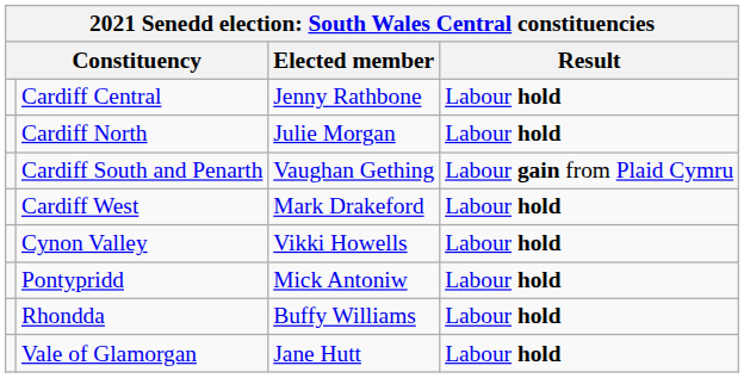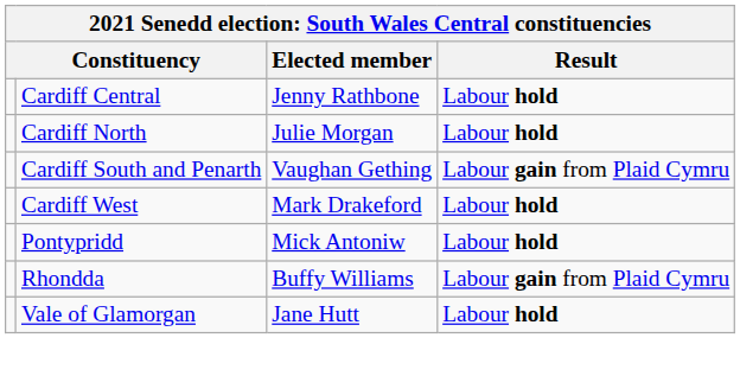 <table class="wikitable">
 <tr>
 <th colspan="4">2021 Senedd election: <a href='#'>South Wales Central</a> constituencies</th>
 </tr>
 <tr>
 <th colspan="2">Constituency</th>
 <th>Elected member</th>
 <th>Result</th>
 </tr>
 <tr>
 <td style="background-color: "></td>
 <td><a href='#'>Cardiff Central</a></td>
 <td><a href='#'>Jenny Rathbone</a></td>
 <td><a href='#'>Labour</a> <strong>hold</strong></td>
 </tr>
 <tr>
 <td style="background-color: "></td>
 <td><a href='#'>Cardiff North</a></td>
 <td><a href='#'>Julie Morgan</a></td>
 <td><a href='#'>Labour</a> <strong>hold</strong></td>
 </tr>
 <tr>
 <td style="background-color: "></td>
 <td><a href='#'>Cardiff South and Penarth</a></td>
 <td><a href='#'>Vaughan Gething</a></td>
 <td><a href='#'>Labour</a> <strong>gain</strong> from <a href='#'>Plaid Cymru</a></td>
 </tr>
 <tr>
 <td style="background-color: "></td>
 <td><a href='#'>Cardiff West</a></td>
 <td><a href='#'>Mark Drakeford</a></td>
 <td><a href='#'>Labour</a> <strong>hold</strong></td>
 </tr>
 <tr>
 <td style="background-color: "></td>
-<td><a href='#'>Cynon Valley</a></td>
-<td><a href='#'>Vikki Howells</a></td>
-<td><a href='#'>Labour</a> <strong>hold</strong></td>
-</tr>
-<tr>
-<td style="background-color: "></td>
 <td><a href='#'>Pontypridd</a></td>
 <td><a href='#'>Mick Antoniw</a></td>
 <td><a href='#'>Labour</a> <strong>hold</strong></td>
 </tr>
 <tr>
 <td style="background-color: "></td>
 <td><a href='#'>Rhondda</a></td>
 <td><a href='#'>Buffy Williams</a></td>
-<td><a href='#'>Labour</a> <strong>hold</strong></td>
+<td><a href='#'>Labour</a> <strong>gain</strong> from <a href='#'>Plaid Cymru</a></td>
 </tr>
 <tr>
 <td style="background-color: "></td>
 <td><a href='#'>Vale of Glamorgan</a></td>
 <td><a href='#'>Jane Hutt</a></td>
 <td><a href='#'>Labour</a> <strong>hold</strong></td>
 </tr>
 </table>
